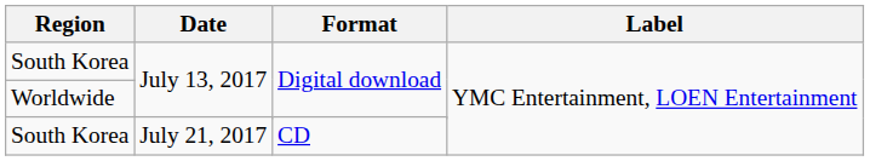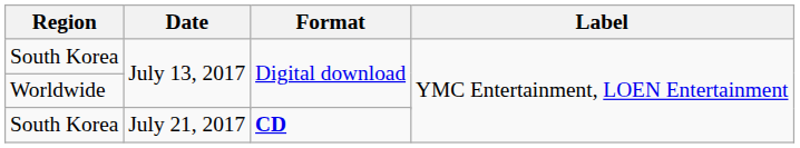 <table class="wikitable">
 <tr>
 <th>Region</th>
 <th>Date</th>
 <th>Format</th>
 <th>Label</th>
 </tr>
 <tr>
 <td>South Korea</td>
 <td rowspan="3">July 13, 2017</td>
 <td rowspan="3"><a href='#'>Digital download</a></td>
 <td rowspan="4">YMC Entertainment, <a href='#'>LOEN Entertainment</a></td>
 </tr>
 <tr>
 <td>Worldwide</td>
 </tr>
 <tr>
 <td rowspan="2">South Korea</td>
 </tr>
 <tr>
 <td>July 21, 2017</td>
-<td><a href='#'>CD</a></td>
+<td><strong><a href='#'>CD</a></strong></td>
 </tr>
 </table>
